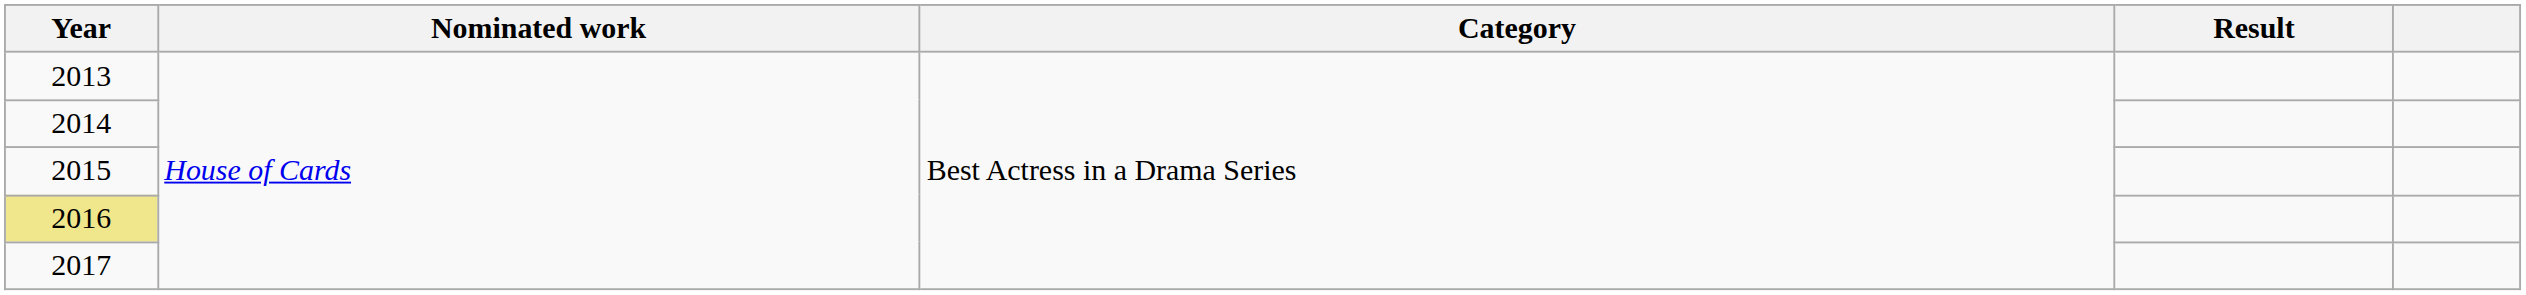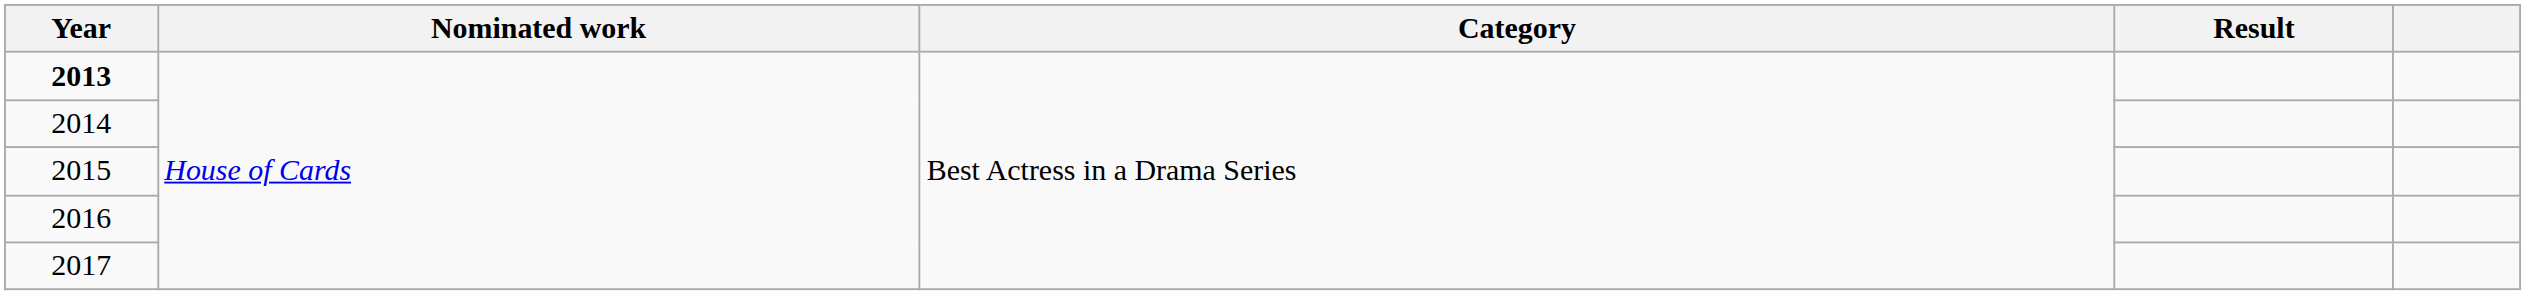 <table class="wikitable plainrowheaders" style="width:85%;">
 <tr>
 <th width="6%" scope="col">Year</th>
 <th width="30%" scope="col">Nominated work</th>
 <th width="47%" scope="col">Category</th>
 <th width="11%" scope="col">Result</th>
 <th width="5%" scope="col" class="unsortable"></th>
 </tr>
 <tr>
-<td style="text-align:center;">2013</td>
+<td style="text-align:center;"><strong>2013</strong></td>
 <td rowspan="5"><em><a href='#'>House of Cards</a></em></td>
 <td rowspan="5">Best Actress in a Drama Series</td>
 <td></td>
 <td></td>
 </tr>
 <tr>
 <td style="text-align:center;">2014</td>
 <td></td>
 <td></td>
 </tr>
 <tr>
 <td style="text-align:center;">2015</td>
 <td></td>
 <td></td>
 </tr>
 <tr>
-<td style="background: khaki; text-align:center;">2016</td>
+<td style="text-align:center;">2016</td>
 <td></td>
 <td></td>
 </tr>
 <tr>
 <td style="text-align:center;">2017</td>
 <td></td>
 <td></td>
 </tr>
 </table>
